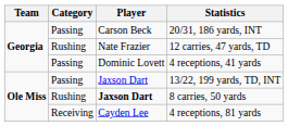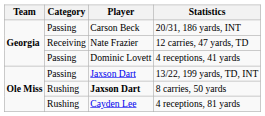 <table class="wikitable" style="float: right;">
 <tr>
 <th>Team</th>
 <th>Category</th>
 <th>Player</th>
 <th>Statistics</th>
 </tr>
 <tr>
 <td rowspan=3><strong>Georgia</strong></td>
 <td>Passing</td>
 <td>Carson Beck</td>
 <td>20/31, 186 yards, INT</td>
 </tr>
 <tr>
-<td>Rushing</td>
+<td>Receiving</td>
 <td>Nate Frazier</td>
 <td>12 carries, 47 yards, TD</td>
 </tr>
 <tr>
 <td>Passing</td>
 <td>Dominic Lovett</td>
 <td>4 receptions, 41 yards</td>
 </tr>
 <tr>
 <td rowspan=3><strong>Ole Miss</strong></td>
 <td>Passing</td>
 <td><a href='#'>Jaxson Dart</a></td>
 <td>13/22, 199 yards, TD, INT</td>
 </tr>
 <tr>
 <td>Rushing</td>
 <td><strong>Jaxson Dart</strong></td>
 <td>8 carries, 50 yards</td>
 </tr>
 <tr>
-<td>Receiving</td>
+<td>Rushing</td>
 <td><a href='#'>Cayden Lee</a></td>
 <td>4 receptions, 81 yards</td>
 </tr>
 </table>
